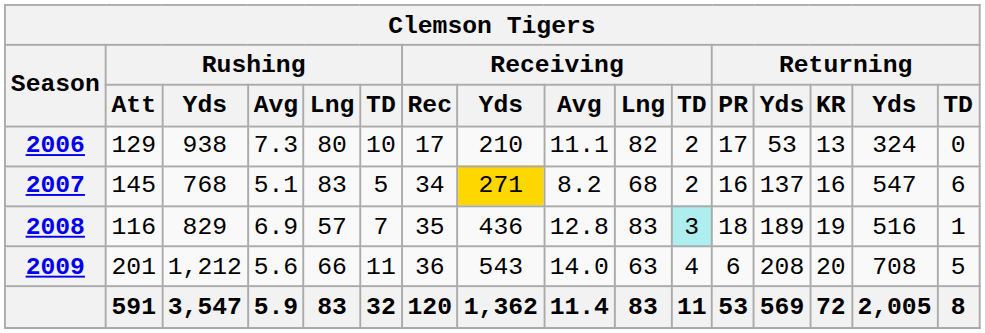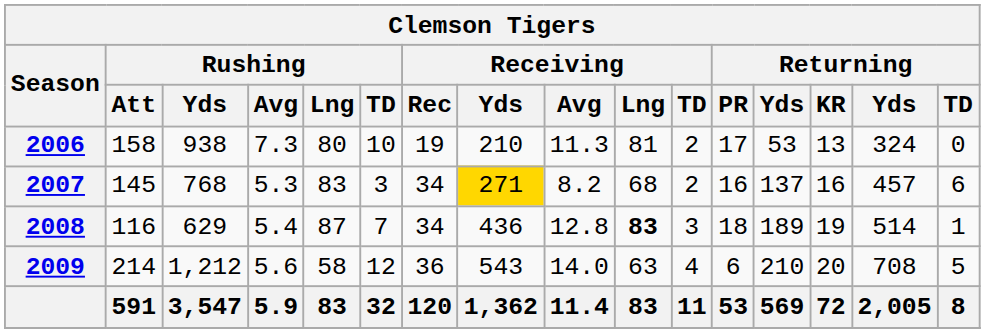 <table class=wikitable style="text-align:center;">
 <tr>
 <th colspan="16">Clemson Tigers</th>
 </tr>
 <tr>
 <th rowspan="2">Season</th>
 <th colspan="5">Rushing</th>
 <th colspan="5">Receiving</th>
 <th colspan="5">Returning</th>
 </tr>
 <tr>
 <th>Att</th>
 <th>Yds</th>
 <th>Avg</th>
 <th>Lng</th>
 <th>TD</th>
 <th>Rec</th>
 <th>Yds</th>
 <th>Avg</th>
 <th>Lng</th>
 <th>TD</th>
 <th>PR</th>
 <th>Yds</th>
 <th>KR</th>
 <th>Yds</th>
 <th>TD</th>
 </tr>
 <tr>
 <th><a href='#'>2006</a></th>
-<td>129</td>
+<td>158</td>
 <td>938</td>
 <td>7.3</td>
 <td>80</td>
 <td>10</td>
-<td>17</td>
+<td>19</td>
 <td>210</td>
-<td>11.1</td>
-<td>82</td>
+<td>11.3</td>
+<td>81</td>
 <td>2</td>
 <td>17</td>
 <td>53</td>
 <td>13</td>
 <td>324</td>
 <td>0</td>
 </tr>
 <tr>
 <th><a href='#'>2007</a></th>
 <td>145</td>
 <td>768</td>
-<td>5.1</td>
+<td>5.3</td>
 <td>83</td>
-<td>5</td>
+<td>3</td>
 <td>34</td>
 <td style="background: gold;">271</td>
 <td>8.2</td>
 <td>68</td>
 <td>2</td>
 <td>16</td>
 <td>137</td>
 <td>16</td>
-<td>547</td>
+<td>457</td>
 <td>6</td>
 </tr>
 <tr>
 <th><a href='#'>2008</a></th>
 <td>116</td>
-<td>829</td>
-<td>6.9</td>
-<td>57</td>
+<td>629</td>
+<td>5.4</td>
+<td>87</td>
 <td>7</td>
-<td>35</td>
+<td>34</td>
 <td>436</td>
 <td>12.8</td>
-<td>83</td>
-<td style="background: paleturquoise;">3</td>
+<td><strong>83</strong></td>
+<td>3</td>
 <td>18</td>
 <td>189</td>
 <td>19</td>
-<td>516</td>
+<td>514</td>
 <td>1</td>
 </tr>
 <tr>
 <th><a href='#'>2009</a></th>
-<td>201</td>
+<td>214</td>
 <td>1,212</td>
 <td>5.6</td>
-<td>66</td>
-<td>11</td>
+<td>58</td>
+<td>12</td>
 <td>36</td>
 <td>543</td>
 <td>14.0</td>
 <td>63</td>
 <td>4</td>
 <td>6</td>
-<td>208</td>
+<td>210</td>
 <td>20</td>
 <td>708</td>
 <td>5</td>
 </tr>
 <tr>
 <th></th>
 <th>591</th>
 <th>3,547</th>
 <th>5.9</th>
 <th>83</th>
 <th>32</th>
 <th>120</th>
 <th>1,362</th>
 <th>11.4</th>
 <th>83</th>
 <th>11</th>
 <th>53</th>
 <th>569</th>
 <th>72</th>
 <th>2,005</th>
 <th>8</th>
 </tr>
 <tr>
 </tr>
 </table>
